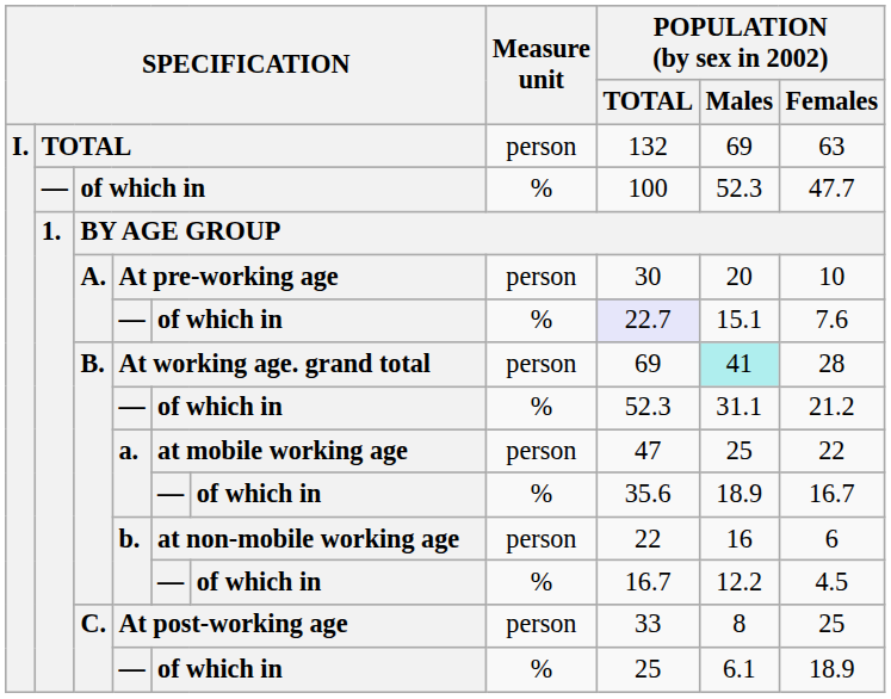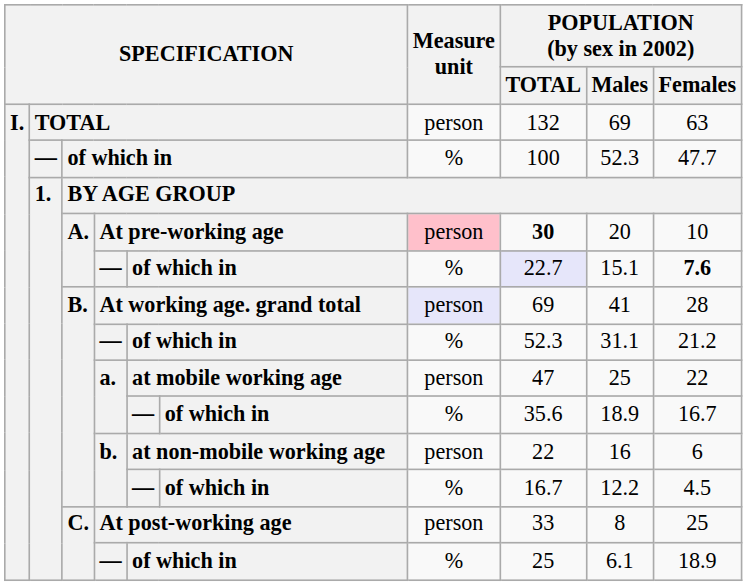 <table class="wikitable" style="font-size:85%; text-align:center">
 <tr>
 <th rowspan="2" colspan="6">SPECIFICATION</th>
 <th rowspan="2">Measure<br> unit</th>
 <th colspan="3" rowspan="1">POPULATION<br> (by sex in 2002)</th>
 </tr>
 <tr>
 <th>TOTAL</th>
 <th>Males</th>
 <th>Females</th>
 </tr>
 <tr>
 <th style="text-align:left" valign="top" rowspan="13">I.</th>
 <th style="text-align:left" colspan="5">TOTAL</th>
 <td>person</td>
 <td>132</td>
 <td>69</td>
 <td>63</td>
 </tr>
 <tr>
 <th style="text-align:left" valign="top">—</th>
 <th style="text-align:left" colspan="4">of which in</th>
 <td>%</td>
 <td>100</td>
 <td>52.3</td>
 <td>47.7</td>
 </tr>
 <tr>
 <th style="text-align:left" valign="top" rowspan="11">1.</th>
 <th style="text-align:left" colspan="19">BY AGE GROUP</th>
 </tr>
 <tr>
 <th style="text-align:left" valign="top" rowspan="2">A.</th>
 <th style="text-align:left" colspan="3">At pre-working age</th>
-<td>person</td>
-<td>30</td>
+<td style="background: pink;">person</td>
+<td><strong>30</strong></td>
 <td>20</td>
 <td>10</td>
 </tr>
 <tr>
 <th style="text-align:left" valign="top">—</th>
 <th style="text-align:left" valign="top" colspan="2">of which in</th>
 <td>%</td>
 <td style="background: lavender;">22.7</td>
 <td>15.1</td>
-<td>7.6</td>
+<td><strong>7.6</strong></td>
 </tr>
 <tr>
 <th style="text-align:left" valign="top" rowspan="6">B.</th>
 <th style="text-align:left" colspan="3">At working age. grand total</th>
-<td>person</td>
+<td style="background: lavender;">person</td>
 <td>69</td>
-<td style="background: paleturquoise;">41</td>
+<td>41</td>
 <td>28</td>
 </tr>
 <tr>
 <th style="text-align:left" valign="top">—</th>
 <th style="text-align:left" valign="top" colspan="2">of which in</th>
 <td>%</td>
 <td>52.3</td>
 <td>31.1</td>
 <td>21.2</td>
 </tr>
 <tr>
 <th style="text-align:left" valign="top" rowspan="2">a.</th>
 <th style="text-align:left" colspan="2">at mobile working age</th>
 <td>person</td>
 <td>47</td>
 <td>25</td>
 <td>22</td>
 </tr>
 <tr>
 <th style="text-align:left" valign="top">—</th>
 <th style="text-align:left" valign="top" colspan="1">of which in                        </th>
 <td>%</td>
 <td>35.6</td>
 <td>18.9</td>
 <td>16.7</td>
 </tr>
 <tr>
 <th style="text-align:left" valign="top" rowspan="2">b.</th>
 <th style="text-align:left" colspan="2">at non-mobile working age</th>
 <td>person</td>
 <td>22</td>
 <td>16</td>
 <td>6</td>
 </tr>
 <tr>
 <th style="text-align:left" valign="top">—</th>
 <th style="text-align:left" valign="top" colspan="1">of which in                        </th>
 <td>%</td>
 <td>16.7</td>
 <td>12.2</td>
 <td>4.5</td>
 </tr>
 <tr>
 <th style="text-align:left" valign="top" rowspan="2">C.</th>
 <th style="text-align:left" colspan="3">At post-working age</th>
 <td>person</td>
 <td>33</td>
 <td>8</td>
 <td>25</td>
 </tr>
 <tr>
 <th style="text-align:left" valign="top">—</th>
 <th style="text-align:left" valign="top" colspan="2">of which in</th>
 <td>%</td>
 <td>25</td>
 <td>6.1</td>
 <td>18.9</td>
 </tr>
 </table>
